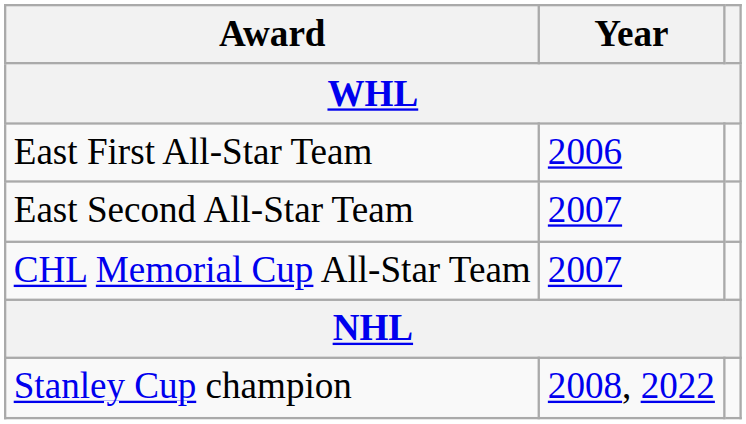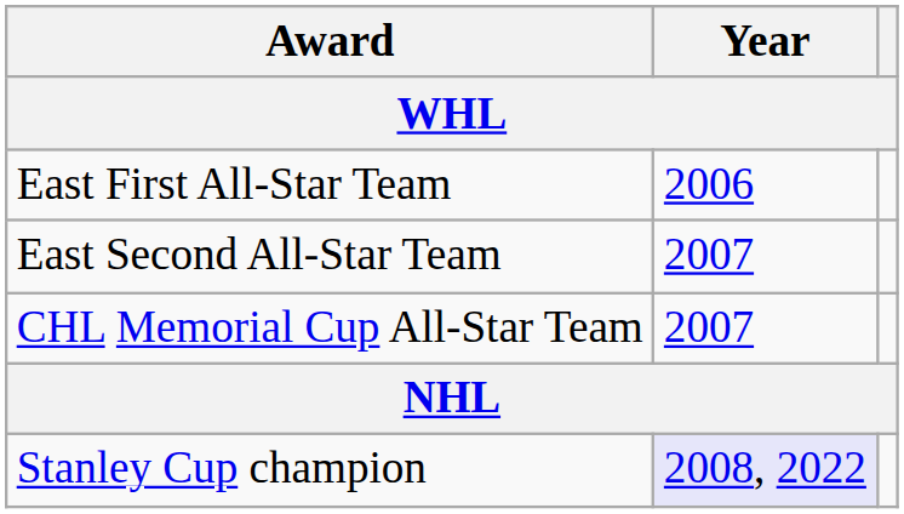 <table class="wikitable">
 <tr>
 <th>Award</th>
 <th>Year</th>
 <th></th>
 </tr>
 <tr>
 <th colspan="3"><a href='#'>WHL</a></th>
 </tr>
 <tr>
 <td>East First All-Star Team</td>
 <td><a href='#'>2006</a></td>
 <td></td>
 </tr>
 <tr>
 <td>East Second All-Star Team</td>
 <td><a href='#'>2007</a></td>
 <td></td>
 </tr>
 <tr>
 <td><a href='#'>CHL</a> <a href='#'>Memorial Cup</a> All-Star Team</td>
 <td><a href='#'>2007</a></td>
 <td></td>
 </tr>
 <tr>
 <th colspan="3"><a href='#'>NHL</a></th>
 </tr>
 <tr>
 <td><a href='#'>Stanley Cup</a> champion</td>
-<td><a href='#'>2008</a>, <a href='#'>2022</a></td>
+<td style="background: lavender;"><a href='#'>2008</a>, <a href='#'>2022</a></td>
 <td></td>
 </tr>
 </table>
